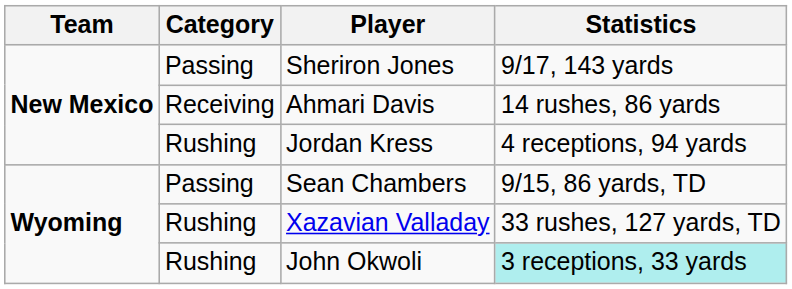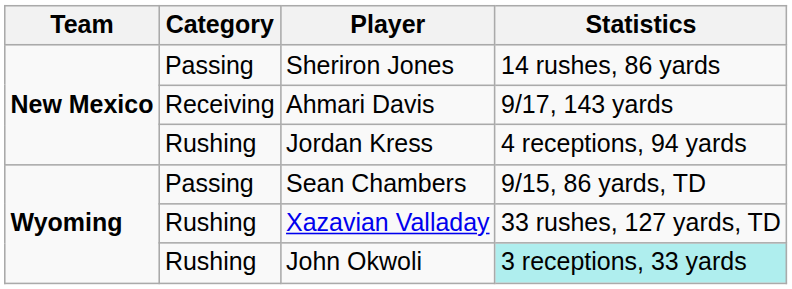 <table class="wikitable" style="float: left;">
 <tr>
 <th>Team</th>
 <th>Category</th>
 <th>Player</th>
 <th>Statistics</th>
 </tr>
 <tr>
 <td rowspan=3><strong>New Mexico</strong></td>
 <td>Passing</td>
 <td>Sheriron Jones</td>
-<td>9/17, 143 yards</td>
+<td>14 rushes, 86 yards</td>
 </tr>
 <tr>
 <td>Receiving</td>
 <td>Ahmari Davis</td>
-<td>14 rushes, 86 yards</td>
+<td>9/17, 143 yards</td>
 </tr>
 <tr>
 <td>Rushing</td>
 <td>Jordan Kress</td>
 <td>4 receptions, 94 yards</td>
 </tr>
 <tr>
 <td rowspan=3><strong>Wyoming</strong></td>
 <td>Passing</td>
 <td>Sean Chambers</td>
 <td>9/15, 86 yards, TD</td>
 </tr>
 <tr>
 <td>Rushing</td>
 <td><a href='#'>Xazavian Valladay</a></td>
 <td>33 rushes, 127 yards, TD</td>
 </tr>
 <tr>
 <td>Rushing</td>
 <td>John Okwoli</td>
 <td style="background: paleturquoise;">3 receptions, 33 yards</td>
 </tr>
 </table>
